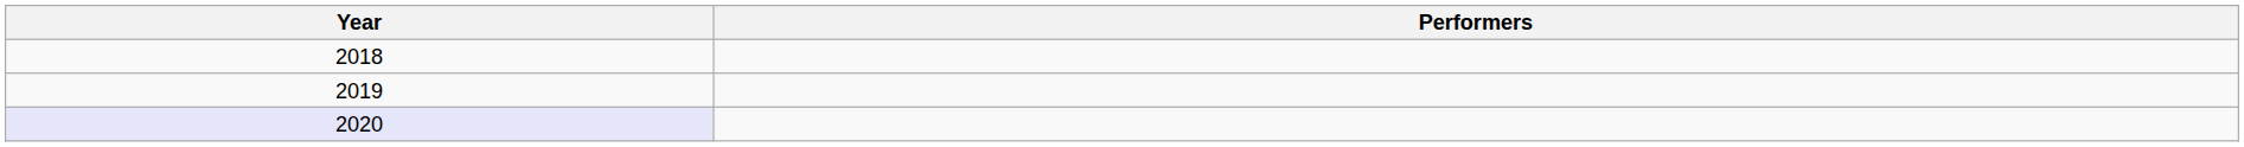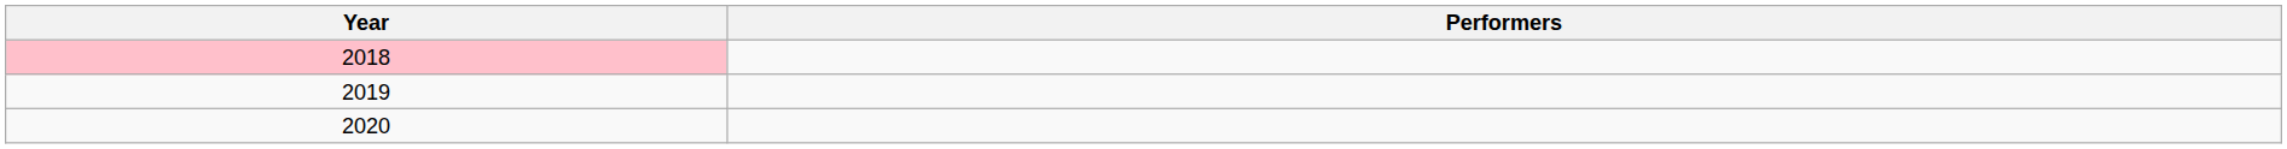 <table class="wikitable sortable" style="font-size:95%; width:100%;">
 <tr>
 <th>Year</th>
 <th>Performers</th>
 </tr>
 <tr>
-<td align="center">2018</td>
+<td align="center" style="background: pink;">2018</td>
 <td></td>
 </tr>
 <tr>
 <td align="center">2019</td>
 <td></td>
 </tr>
 <tr>
-<td align="center" style="background: lavender;">2020</td>
+<td align="center">2020</td>
 <td></td>
 </tr>
 </table>
